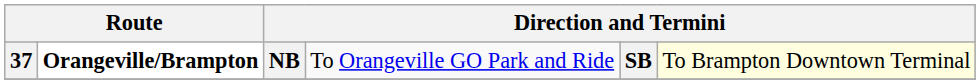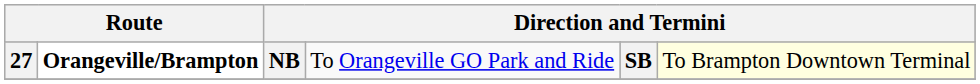 <table class=wikitable style="font-size: 90%;">
 <tr>
 <th colspan=2>Route</th>
 <th colspan=4>Direction and Termini</th>
 </tr>
 <tr>
-<th style="background:#"><div><strong>37</strong></div></th>
+<th style="background:#"><div><strong>27</strong></div></th>
 <td style="background:white; color:black"><strong>Orangeville/Brampton</strong></td>
 <th>NB</th>
 <td>To <a href='#'>Orangeville GO Park and Ride</a></td>
 <th>SB</th>
 <td style="background: lightyellow;">To Brampton Downtown Terminal</td>
 </tr>
 <tr>
 </tr>
 </table>
